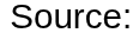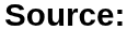 <table align="center" margin=13px">
 <tr>
 <td><br></td>
 </tr>
 <tr>
-<td align=center>Source: </td>
+<td align=center><strong>Source: </strong></td>
 </tr>
 </table>
